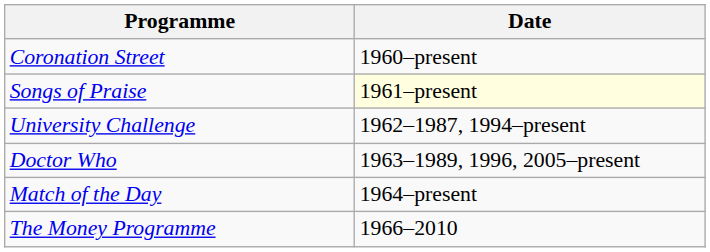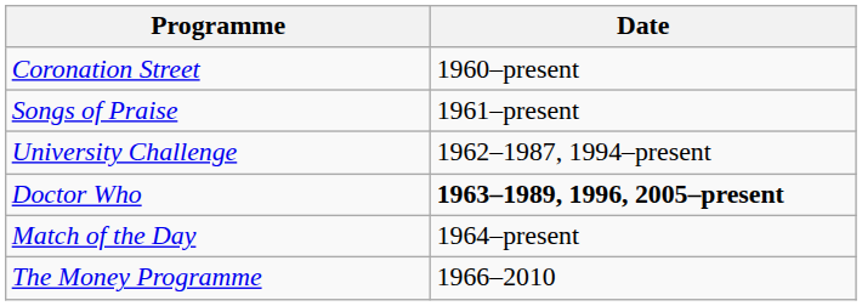 <table class="wikitable">
 <tr>
 <th width=250>Programme</th>
 <th width=250>Date</th>
 </tr>
 <tr>
 <td><em><a href='#'>Coronation Street</a></em></td>
 <td>1960–present</td>
 </tr>
 <tr>
 <td><em><a href='#'>Songs of Praise</a></em></td>
-<td style="background: lightyellow;">1961–present</td>
+<td>1961–present</td>
 </tr>
 <tr>
 <td><em><a href='#'>University Challenge</a></em></td>
 <td>1962–1987, 1994–present</td>
 </tr>
 <tr>
 <td><em><a href='#'>Doctor Who</a></em></td>
-<td>1963–1989, 1996, 2005–present</td>
+<td><strong>1963–1989, 1996, 2005–present</strong></td>
 </tr>
 <tr>
 <td><em><a href='#'>Match of the Day</a></em></td>
 <td>1964–present</td>
 </tr>
 <tr>
 <td><em><a href='#'>The Money Programme</a></em></td>
 <td>1966–2010</td>
 </tr>
 </table>
